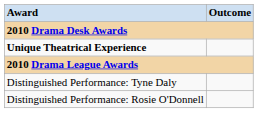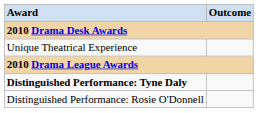 <table class="wikitable">
 <tr style="background:#cee0f2;">
 <td><strong>Award</strong></td>
 <td><strong>Outcome</strong></td>
 </tr>
 <tr>
 <td colspan="3" style="background:#f2d5a6;"><strong>2010 <a href='#'>Drama Desk Awards</a></strong></td>
 </tr>
 <tr>
-<td><strong>Unique Theatrical Experience</strong></td>
+<td>Unique Theatrical Experience</td>
 <td></td>
 </tr>
 <tr>
 <td colspan="3" style="background:#f2d5a6;"><strong>2010 <a href='#'>Drama League Awards</a></strong></td>
 </tr>
 <tr>
-<td>Distinguished Performance: Tyne Daly</td>
+<td><strong>Distinguished Performance: Tyne Daly</strong></td>
 <td></td>
 </tr>
 <tr>
 <td>Distinguished Performance: Rosie O'Donnell</td>
 <td></td>
 </tr>
 </table>
